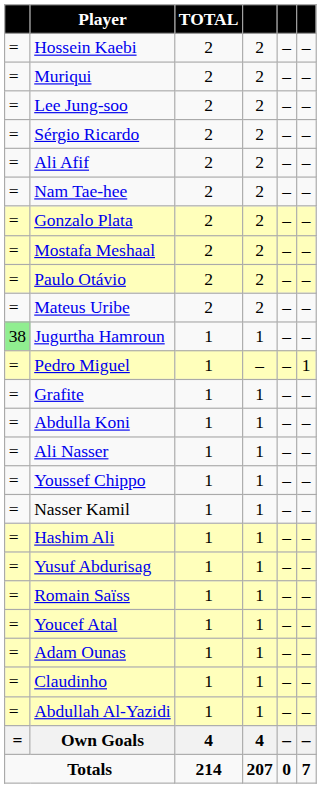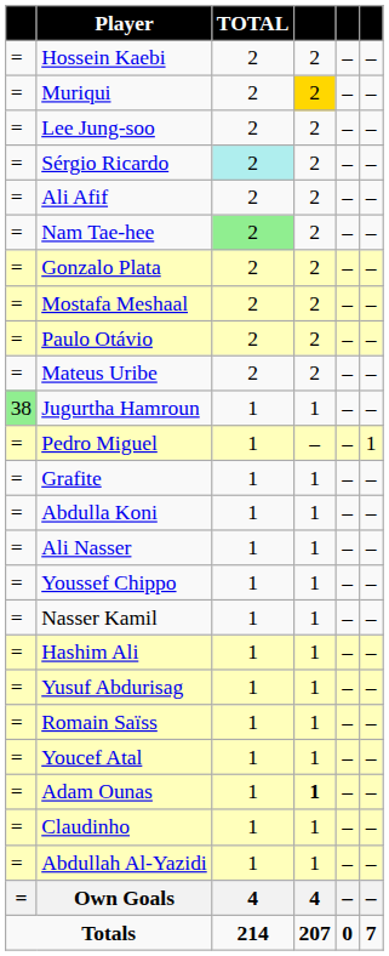 <table border="0" class="wikitable" style="text-align:center;font-size:95%">
 <tr>
 <th scope=col style="color:#FFFFFF; background:#000000;"></th>
 <th scope=col style="color:#FFFFFF; background:#000000;">Player</th>
 <th scope=col style="color:#FFFFFF; background:#000000;">TOTAL</th>
 <th scope=col style="color:#FFFFFF; background:#000000;" width=10><a href='#'></a></th>
 <th scope=col style="color:#FFFFFF; background:#000000;" width=10><a href='#'></a></th>
 <th scope=col style="color:#FFFFFF; background:#000000;" width=10><a href='#'></a> <a href='#'></a></th>
 </tr>
 <tr>
 <td align=left>=</td>
 <td align=left> <a href='#'>Hossein Kaebi</a></td>
 <td align=center>2</td>
 <td>2</td>
 <td>–</td>
 <td>–</td>
 </tr>
 <tr>
 <td align=left>=</td>
 <td align=left> <a href='#'>Muriqui</a></td>
 <td align=center>2</td>
-<td>2</td>
+<td style="background: gold;">2</td>
 <td>–</td>
 <td>–</td>
 </tr>
 <tr>
 <td align=left>=</td>
 <td align=left> <a href='#'>Lee Jung-soo</a></td>
 <td align=center>2</td>
 <td>2</td>
 <td>–</td>
 <td>–</td>
 </tr>
 <tr>
 <td align=left>=</td>
 <td align=left> <a href='#'>Sérgio Ricardo</a></td>
-<td align=center>2</td>
+<td align=center style="background: paleturquoise;">2</td>
 <td>2</td>
 <td>–</td>
 <td>–</td>
 </tr>
 <tr>
 <td align=left>=</td>
 <td align=left> <a href='#'>Ali Afif</a></td>
 <td align=center>2</td>
 <td>2</td>
 <td>–</td>
 <td>–</td>
 </tr>
 <tr>
 <td align=left>=</td>
 <td align=left> <a href='#'>Nam Tae-hee</a></td>
-<td align=center>2</td>
+<td align=center style="background: lightgreen;">2</td>
 <td>2</td>
 <td>–</td>
 <td>–</td>
 </tr>
 <tr style="background:#ffb">
 <td align=left>=</td>
 <td align=left> <a href='#'>Gonzalo Plata</a></td>
 <td align=center>2</td>
 <td>2</td>
 <td>–</td>
 <td>–</td>
 </tr>
 <tr style="background:#ffb">
 <td align=left>=</td>
 <td align=left> <a href='#'>Mostafa Meshaal</a></td>
 <td align=center>2</td>
 <td>2</td>
 <td>–</td>
 <td>–</td>
 </tr>
 <tr style="background:#ffb">
 <td align=left>=</td>
 <td align=left> <a href='#'>Paulo Otávio</a></td>
 <td align=center>2</td>
 <td>2</td>
 <td>–</td>
 <td>–</td>
 </tr>
 <tr>
 <td align=left>=</td>
 <td align=left> <a href='#'>Mateus Uribe</a></td>
 <td align=center>2</td>
 <td>2</td>
 <td>–</td>
 <td>–</td>
 </tr>
 <tr>
 <td align=left style="background: lightgreen;">38</td>
 <td align=left> <a href='#'>Jugurtha Hamroun</a></td>
 <td align=center>1</td>
 <td>1</td>
 <td>–</td>
 <td>–</td>
 </tr>
 <tr style="background:#ffb">
 <td align=left>=</td>
 <td align=left> <a href='#'>Pedro Miguel</a></td>
 <td align=center>1</td>
 <td>–</td>
 <td>–</td>
 <td>1</td>
 </tr>
 <tr>
 <td align=left>=</td>
 <td align=left> <a href='#'>Grafite</a></td>
 <td align=center>1</td>
 <td>1</td>
 <td>–</td>
 <td>–</td>
 </tr>
 <tr>
 <td align=left>=</td>
 <td align=left> <a href='#'>Abdulla Koni</a></td>
 <td align=center>1</td>
 <td>1</td>
 <td>–</td>
 <td>–</td>
 </tr>
 <tr>
 <td align=left>=</td>
 <td align=left> <a href='#'>Ali Nasser</a></td>
 <td align=center>1</td>
 <td>1</td>
 <td>–</td>
 <td>–</td>
 </tr>
 <tr>
 <td align=left>=</td>
 <td align=left> <a href='#'>Youssef Chippo</a></td>
 <td align=center>1</td>
 <td>1</td>
 <td>–</td>
 <td>–</td>
 </tr>
 <tr>
 <td align=left>=</td>
 <td align=left> Nasser Kamil</td>
 <td align=center>1</td>
 <td>1</td>
 <td>–</td>
 <td>–</td>
 </tr>
 <tr style="background:#ffb">
 <td align=left>=</td>
 <td align=left> <a href='#'>Hashim Ali</a></td>
 <td align=center>1</td>
 <td>1</td>
 <td>–</td>
 <td>–</td>
 </tr>
 <tr style="background:#ffb">
 <td align=left>=</td>
 <td align=left> <a href='#'>Yusuf Abdurisag</a></td>
 <td align=center>1</td>
 <td>1</td>
 <td>–</td>
 <td>–</td>
 </tr>
 <tr style="background:#ffb">
 <td align=left>=</td>
 <td align=left> <a href='#'>Romain Saïss</a></td>
 <td align=center>1</td>
 <td>1</td>
 <td>–</td>
 <td>–</td>
 </tr>
 <tr style="background:#ffb">
 <td align=left>=</td>
 <td align=left> <a href='#'>Youcef Atal</a></td>
 <td align=center>1</td>
 <td>1</td>
 <td>–</td>
 <td>–</td>
 </tr>
 <tr style="background:#ffb">
 <td align=left>=</td>
 <td align=left> <a href='#'>Adam Ounas</a></td>
 <td align=center>1</td>
-<td>1</td>
+<td><strong>1</strong></td>
 <td>–</td>
 <td>–</td>
 </tr>
 <tr style="background:#ffb">
 <td align=left>=</td>
 <td align=left> <a href='#'>Claudinho</a></td>
 <td align=center>1</td>
 <td>1</td>
 <td>–</td>
 <td>–</td>
 </tr>
 <tr style="background:#ffb">
 <td align=left>=</td>
 <td align=left> <a href='#'>Abdullah Al-Yazidi</a></td>
 <td align=center>1</td>
 <td>1</td>
 <td>–</td>
 <td>–</td>
 </tr>
 <tr>
 <th align=left>=</th>
 <th align=left>Own Goals</th>
 <th align=center>4</th>
 <th>4</th>
 <th>–</th>
 <th>–</th>
 </tr>
 <tr class="sortbottom">
 <td colspan="2"><strong>Totals</strong></td>
 <td align=center><strong>214</strong></td>
 <td><strong>207</strong></td>
 <td><strong>0</strong></td>
 <td><strong>7</strong></td>
 </tr>
 </table>
